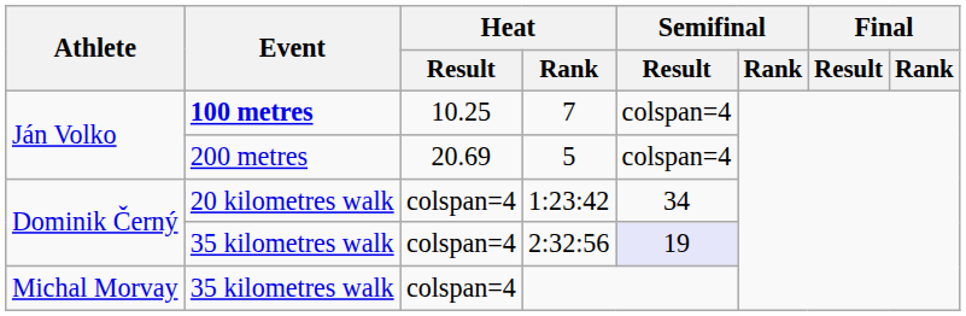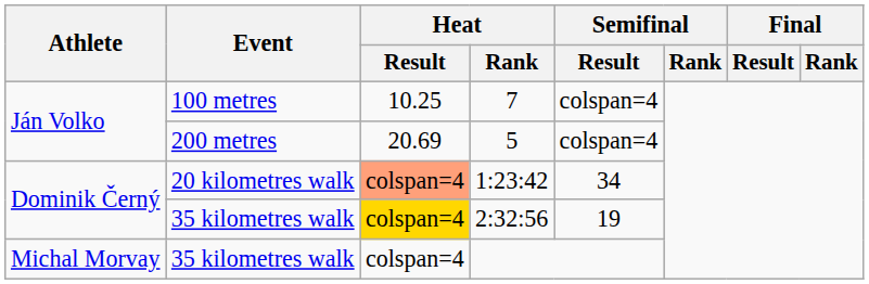 <table class="wikitable" style="font-size:90%">
 <tr>
 <th rowspan="2">Athlete</th>
 <th rowspan="2">Event</th>
 <th colspan="2">Heat</th>
 <th colspan="2">Semifinal</th>
 <th colspan="2">Final</th>
 </tr>
 <tr style="font-size:95%">
 <th>Result</th>
 <th>Rank</th>
 <th>Result</th>
 <th>Rank</th>
 <th>Result</th>
 <th>Rank</th>
 </tr>
 <tr align=center>
 <td align=left rowspan=2><a href='#'>Ján Volko</a></td>
-<td align=left><strong><a href='#'>100 metres</a></strong></td>
+<td align=left><a href='#'>100 metres</a></td>
 <td>10.25</td>
 <td>7</td>
 <td>colspan=4 </td>
 </tr>
 <tr align=center>
 <td align=left><a href='#'>200 metres</a></td>
 <td>20.69</td>
 <td>5</td>
 <td>colspan=4 </td>
 </tr>
 <tr align=center>
 <td align=left rowspan=2><a href='#'>Dominik Černý</a></td>
 <td align=left><a href='#'>20 kilometres walk</a></td>
-<td>colspan=4</td>
+<td style="background: lightsalmon;">colspan=4</td>
 <td>1:23:42 </td>
 <td>34</td>
 </tr>
 <tr align=center>
 <td align=left><a href='#'>35 kilometres walk</a></td>
-<td>colspan=4</td>
+<td style="background: gold;">colspan=4</td>
 <td>2:32:56 </td>
-<td style="background: lavender;">19</td>
+<td>19</td>
 </tr>
 <tr align=center>
 <td align=left><a href='#'>Michal Morvay</a></td>
 <td align=left><a href='#'>35 kilometres walk</a></td>
 <td>colspan=4</td>
 <td colspan=2></td>
 </tr>
 </table>
